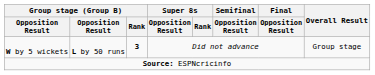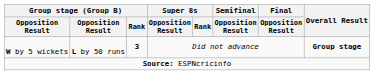 <table class=wikitable style=font-size:90%;text-align:center>
 <tr>
 <th colspan=3>Group stage (Group B)</th>
 <th colspan=2>Super 8s</th>
 <th>Semifinal</th>
 <th>Final</th>
 <th rowspan=2>Overall Result</th>
 </tr>
 <tr style=font-size:95%>
 <th>Opposition<br>Result</th>
 <th>Opposition<br>Result</th>
 <th>Rank</th>
 <th>Opposition<br>Result</th>
 <th>Rank</th>
 <th>Opposition<br>Result</th>
 <th>Opposition<br>Result</th>
 </tr>
 <tr>
 <td><br><strong>W</strong> by 5 wickets</td>
 <td><br><strong>L</strong> by 50 runs</td>
 <td><strong>3</strong></td>
 <td colspan=4><em>Did not advance</em></td>
-<td>Group stage</td>
+<td><strong>Group stage</strong></td>
 </tr>
 <tr>
 <td colspan="11"><strong>Source:</strong> ESPNcricinfo</td>
 </tr>
 </table>
